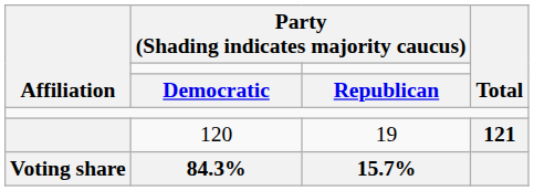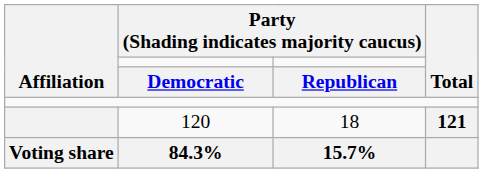 <table class=wikitable style="text-align:center">
 <tr style="vertical-align:bottom;">
 <th rowspan=3>Affiliation</th>
 <th colspan=2>Party <div>(Shading indicates majority caucus)</div></th>
 <th rowspan=3>Total</th>
 </tr>
 <tr style="height:5px">
 <td style="background-color:"></td>
 <td style="background-color:"></td>
 </tr>
 <tr>
 <th><a href='#'>Democratic</a></th>
 <th><a href='#'>Republican</a></th>
 </tr>
 <tr>
 <td colspan=5></td>
 </tr>
 <tr>
 <th nowrap style="font-size:80%"></th>
 <td>120</td>
-<td>19</td>
+<td>18</td>
 <th>121</th>
 </tr>
 <tr>
 <th>Voting share</th>
 <th>84.3%</th>
 <th>15.7%</th>
 <th colspan=2></th>
 </tr>
 </table>
